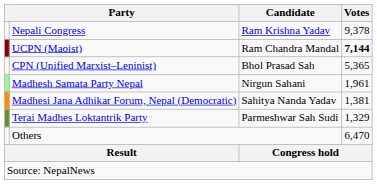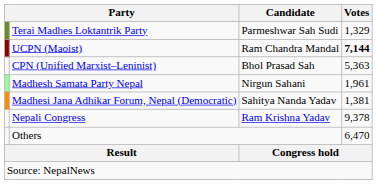 <table class="wikitable">
 <tr>
 <th colspan="2">Party</th>
 <th>Candidate</th>
 <th>Votes</th>
 </tr>
 <tr>
-<td style="background-color:"></td>
-<td><a href='#'>Nepali Congress</a></td>
-<td><a href='#'>Ram Krishna Yadav</a></td>
-<td style="text-align:right">9,378</td>
+<td style="background-color:olivedrab"></td>
+<td><a href='#'>Terai Madhes Loktantrik Party</a></td>
+<td>Parmeshwar Sah Sudi</td>
+<td style="text-align:right">1,329</td>
 </tr>
 <tr>
 <td style="background-color:darkred"></td>
 <td><a href='#'>UCPN (Maoist)</a></td>
 <td>Ram Chandra Mandal</td>
 <td style="text-align:right"><strong>7,144</strong></td>
 </tr>
 <tr>
 <td style="background-color:"></td>
 <td><a href='#'>CPN (Unified Marxist–Leninist)</a></td>
 <td>Bhol Prasad Sah</td>
-<td style="text-align:right">5,365</td>
+<td style="text-align:right">5,363</td>
 </tr>
 <tr>
 <td style="background-color:palegreen"></td>
 <td><a href='#'>Madhesh Samata Party Nepal</a></td>
 <td>Nirgun Sahani</td>
 <td style="text-align:right">1,961</td>
 </tr>
 <tr>
 <td style="background-color:darkorange"></td>
 <td><a href='#'>Madhesi Jana Adhikar Forum, Nepal (Democratic)</a></td>
 <td>Sahitya Nanda Yadav</td>
 <td style="text-align:right">1,381</td>
 </tr>
 <tr>
-<td style="background-color:olivedrab"></td>
-<td><a href='#'>Terai Madhes Loktantrik Party</a></td>
-<td>Parmeshwar Sah Sudi</td>
-<td style="text-align:right">1,329</td>
+<td style="background-color:"></td>
+<td><a href='#'>Nepali Congress</a></td>
+<td><a href='#'>Ram Krishna Yadav</a></td>
+<td style="text-align:right">9,378</td>
 </tr>
 <tr>
 <td></td>
 <td colspan="2">Others</td>
 <td style="text-align:right">6,470</td>
 </tr>
 <tr>
 <th colspan="2">Result</th>
 <th colspan="2">Congress hold</th>
 </tr>
 <tr>
 <td colspan="4">Source: NepalNews</td>
 </tr>
 </table>
